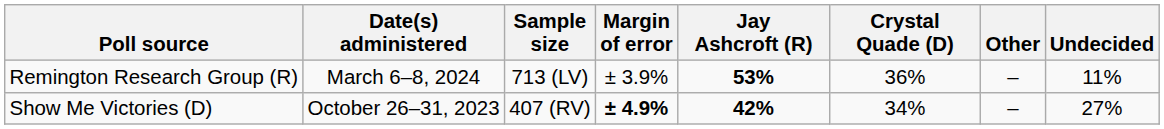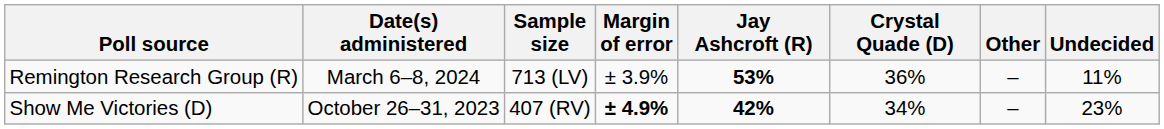 <table class="wikitable" style="font-size:90%;text-align:center;">
 <tr valign=bottom>
 <th>Poll source</th>
 <th>Date(s)<br>administered</th>
 <th>Sample<br>size</th>
 <th>Margin<br>of error</th>
 <th style="width:100px;">Jay<br>Ashcroft (R)</th>
 <th style="width:100px;">Crystal<br>Quade (D)</th>
 <th>Other</th>
 <th>Undecided</th>
 </tr>
 <tr>
 <td style="text-align:left">Remington Research Group (R)</td>
 <td>March 6–8, 2024</td>
 <td>713 (LV)</td>
 <td>± 3.9%</td>
 <td><strong>53%</strong></td>
 <td>36%</td>
 <td>–</td>
 <td>11%</td>
 </tr>
 <tr>
 <td rowspan=2 style="text-align:left">Show Me Victories (D)</td>
 <td>October 26–31, 2023</td>
 <td>407 (RV)</td>
 <td><strong>± 4.9%</strong></td>
 <td><strong>42%</strong></td>
 <td>34%</td>
 <td>–</td>
-<td>27%</td>
+<td>23%</td>
 </tr>
 </table>
